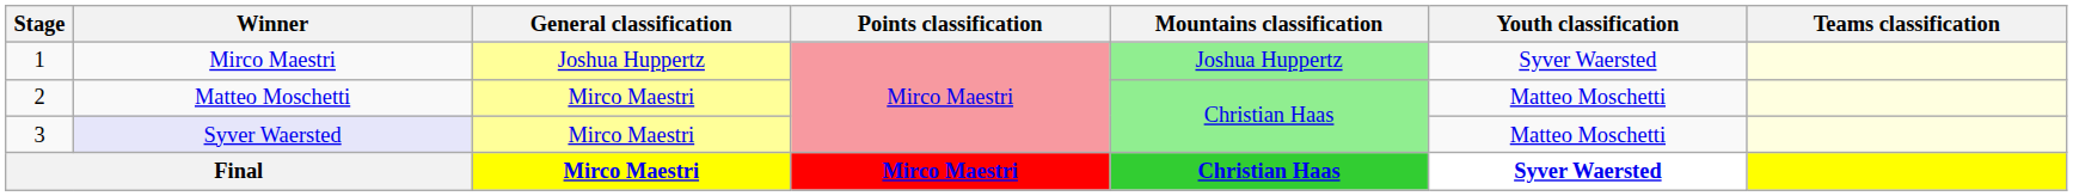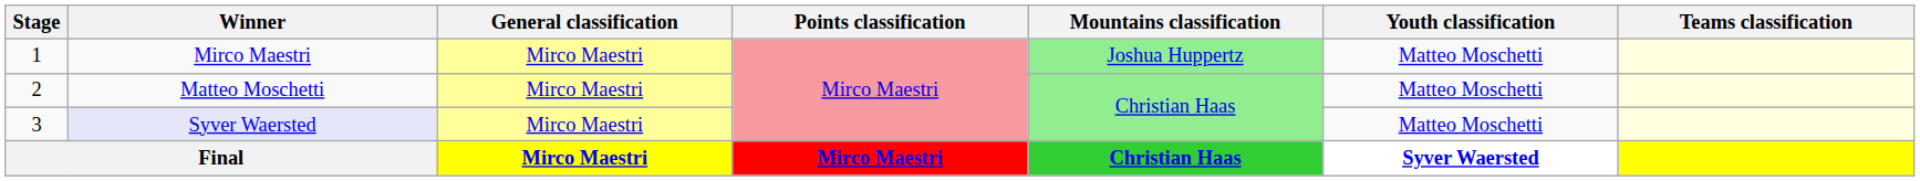 <table class="wikitable" style="text-align: center; font-size:smaller;">
 <tr>
 <th width="1%">Stage</th>
 <th width="15%">Winner</th>
 <th width="12%">General classification<br></th>
 <th width="12%">Points classification<br></th>
 <th width="12%">Mountains classification<br></th>
 <th width="12%">Youth classification<br></th>
 <th width="12%">Teams classification<br></th>
 </tr>
 <tr>
 <td>1</td>
 <td><a href='#'>Mirco Maestri</a></td>
-<td style="background:#FFFF99;"><a href='#'>Joshua Huppertz</a></td>
+<td style="background:#FFFF99;"><a href='#'>Mirco Maestri</a></td>
 <td style="background:#F799A0;"  rowspan=3><a href='#'>Mirco Maestri</a></td>
 <td style="background:lightgreen;"><a href='#'>Joshua Huppertz</a></td>
-<td style="background:offwhite;"><a href='#'>Syver Waersted</a></td>
+<td style="background:offwhite;"><a href='#'>Matteo Moschetti</a></td>
 <td style="background:lightyellow;"></td>
 </tr>
 <tr>
 <td>2</td>
 <td><a href='#'>Matteo Moschetti</a></td>
 <td style="background:#FFFF99;"><a href='#'>Mirco Maestri</a></td>
 <td style="background:lightgreen;" rowspan=2><a href='#'>Christian Haas</a></td>
 <td style="background:offwhite;"><a href='#'>Matteo Moschetti</a></td>
 <td style="background:lightyellow;"></td>
 </tr>
 <tr>
 <td>3</td>
 <td style="background: lavender;"><a href='#'>Syver Waersted</a></td>
 <td style="background:#FFFF99;"><a href='#'>Mirco Maestri</a></td>
 <td style="background:offwhite;"><a href='#'>Matteo Moschetti</a></td>
 <td style="background:lightyellow;"></td>
 </tr>
 <tr>
 <th colspan=2>Final</th>
 <th style="background:yellow;"><a href='#'>Mirco Maestri</a></th>
 <th style="background:red;"><a href='#'>Mirco Maestri</a></th>
 <th style="background:limegreen;"><a href='#'>Christian Haas</a></th>
 <th style="background:white;"><a href='#'>Syver Waersted</a></th>
 <th style="background:yellow;"></th>
 </tr>
 </table>
